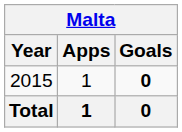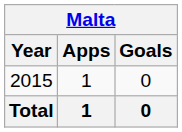 <table class="wikitable" style="text-align:center">
 <tr>
 <th colspan=3><a href='#'>Malta</a></th>
 </tr>
 <tr>
 <th>Year</th>
 <th>Apps</th>
 <th>Goals</th>
 </tr>
 <tr>
 <td>2015</td>
 <td>1</td>
-<td><strong>0</strong></td>
+<td>0</td>
 </tr>
 <tr>
 <th>Total</th>
 <th>1</th>
 <th>0</th>
 </tr>
 </table>
